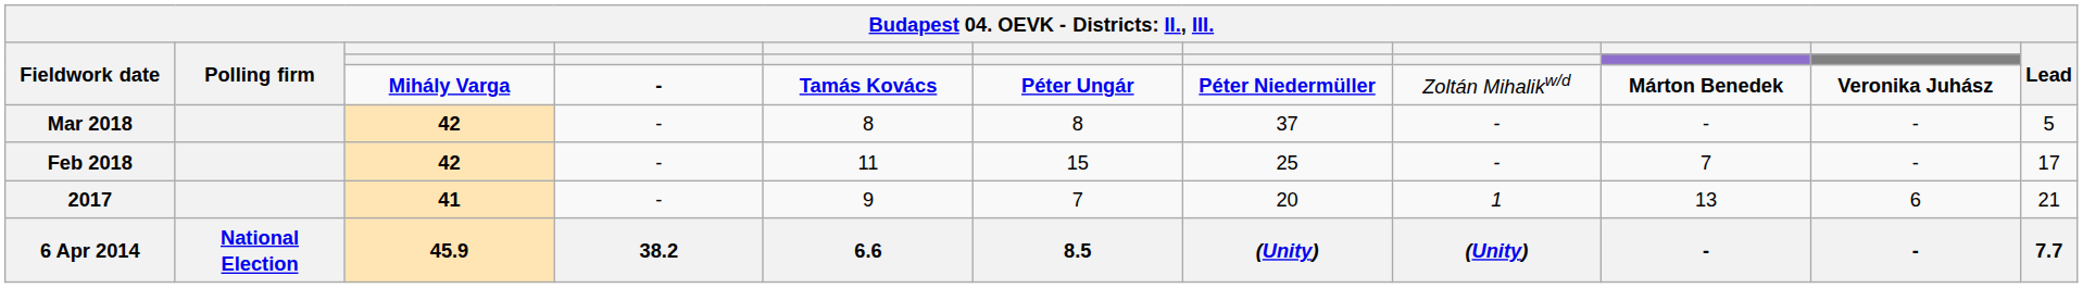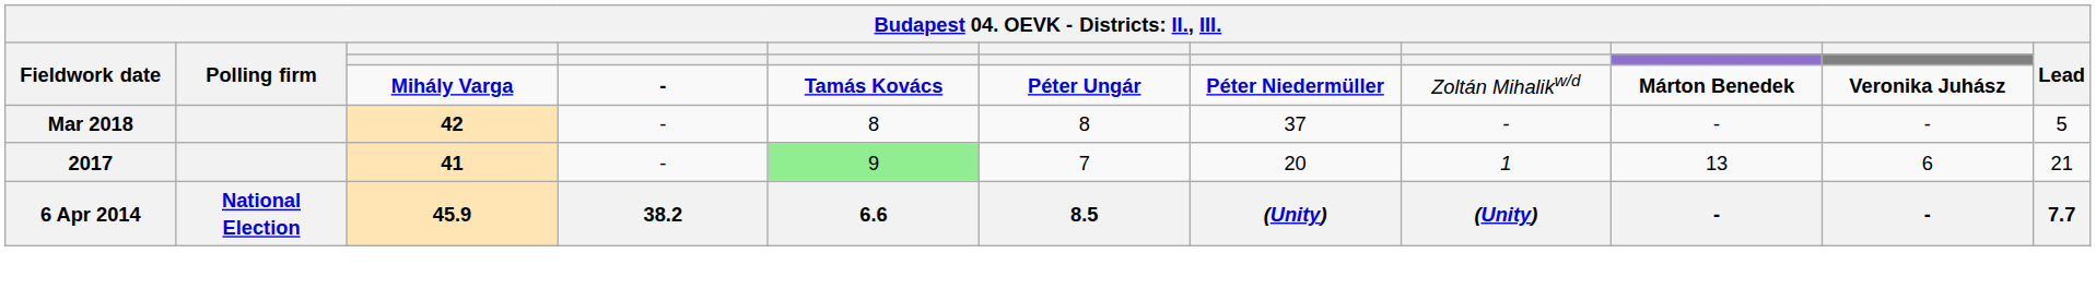 <table class="wikitable mw-collapsible mw-collapsed" style="text-align:center">
 <tr>
 <th colspan="11" style="width: 980pt;"><small><a href='#'>Budapest</a> 04. OEVK -</small> <small>Districts: <a href='#'>II.</a>, <a href='#'>III.</a></small></th>
 </tr>
 <tr>
 <th rowspan="3" style="width: 80pt;"><small>Fieldwork</small> <small>date</small></th>
 <th rowspan="3" style="width: 80pt;"><strong><small>Polling</small> <small>firm</small></strong></th>
 <th style="width: 100pt;"><small></small></th>
 <th style="width: 100pt;"><small> </small></th>
 <th style="width: 100pt;"></th>
 <th style="width: 100pt;"></th>
 <th style="width: 100pt;"></th>
 <th style="width: 100pt;"></th>
 <th style="width: 100pt;"></th>
 <th style="width: 100pt;"></th>
 <th rowspan="3" style="width: 20pt;"><small>Lead</small></th>
 </tr>
 <tr>
 <th style="color:inherit;background:"></th>
 <th style="color:inherit;background:"></th>
 <th style="color:inherit;background:"></th>
 <th style="color:inherit;background:"></th>
 <th style="color:inherit;background:"></th>
 <th style="color:inherit;background:"></th>
 <th style="color:inherit;background:#8E6FCE;"></th>
 <th style="color:inherit;background:#808080;"></th>
 </tr>
 <tr>
 <td><small><strong><a href='#'>Mihály Varga</a></strong></small></td>
 <td><small><strong>-</strong></small></td>
 <td><small><a href='#'><strong>Tamás Kovács</strong></a></small></td>
 <td><small><a href='#'><strong>Péter Ungár</strong></a></small></td>
 <td><small><strong><a href='#'>Péter Niedermüller</a></strong></small></td>
 <td><small><em>Zoltán Mihalik<sup>w/d</sup></em></small></td>
 <td><small><strong>Márton Benedek</strong></small></td>
 <td><small><strong>Veronika Juhász</strong></small></td>
 </tr>
 <tr>
 <th><small>Mar 2018</small></th>
 <th><small></small></th>
 <td style="background:#FFE5B4"><small><strong>42</strong></small></td>
 <td><small>-</small></td>
 <td><small>8</small></td>
 <td><small>8</small></td>
 <td><small>37</small></td>
 <td><small><em>-</em></small></td>
 <td><small>-</small></td>
 <td><small>-</small></td>
 <td style="background:"><small>5</small></td>
 </tr>
 <tr>
-<th><small>Feb 2018</small></th>
-<th> </th>
-<td style="background:#FFE5B4"><small><strong>42</strong></small></td>
-<td><small>-</small></td>
-<td><small>11</small></td>
-<td><small>15</small></td>
-<td><small>25</small></td>
-<td><small><em>-</em></small></td>
-<td><small>7</small></td>
-<td><small>-</small></td>
-<td style="background:"><small>17</small></td>
-</tr>
-<tr>
 <th><small>2017</small></th>
 <th><small></small></th>
 <td style="background:#FFE5B4"><small><strong>41</strong></small></td>
 <td><small>-</small></td>
-<td><small>9</small></td>
+<td style="background: lightgreen;"><small>9</small></td>
 <td><small>7</small></td>
 <td><small>20</small></td>
 <td><small><em>1</em></small></td>
 <td><small>13</small></td>
 <td><small>6</small></td>
 <td style="background:"><small>21</small></td>
 </tr>
 <tr>
 <th><small>6 Apr 2014</small></th>
 <th><a href='#'><small>National Election</small></a></th>
 <th style="background:#FFE5B4"><small>45.9</small></th>
 <th><small>38.2</small></th>
 <th><small>6.6</small></th>
 <th><small>8.5</small></th>
 <th><small><em>(<a href='#'>Unity</a>)</em></small></th>
 <th><small><em>(<a href='#'>Unity</a>)</em></small></th>
 <th><small>-</small></th>
 <th><small>-</small></th>
 <th style="background:"><small>7.7</small></th>
 </tr>
 </table>
